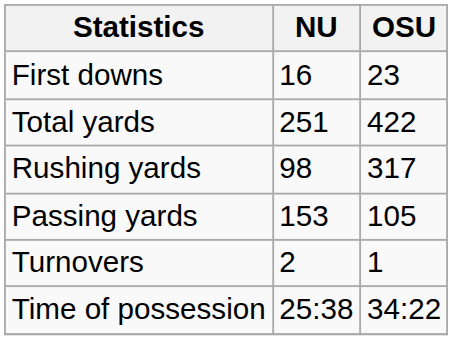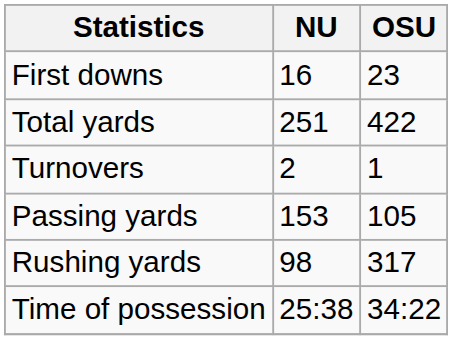 <table class="wikitable">
 <tr>
 <th>Statistics</th>
 <th>NU</th>
 <th>OSU</th>
 </tr>
 <tr>
 <td>First downs</td>
 <td>16</td>
 <td>23</td>
 </tr>
 <tr>
 <td>Total yards</td>
 <td>251</td>
 <td>422</td>
 </tr>
 <tr>
-<td>Rushing yards</td>
-<td>98</td>
-<td>317</td>
+<td>Turnovers</td>
+<td>2</td>
+<td>1</td>
 </tr>
 <tr>
 <td>Passing yards</td>
 <td>153</td>
 <td>105</td>
 </tr>
 <tr>
-<td>Turnovers</td>
-<td>2</td>
-<td>1</td>
+<td>Rushing yards</td>
+<td>98</td>
+<td>317</td>
 </tr>
 <tr>
 <td>Time of possession</td>
 <td>25:38</td>
 <td>34:22</td>
 </tr>
 <tr>
 </tr>
 </table>
